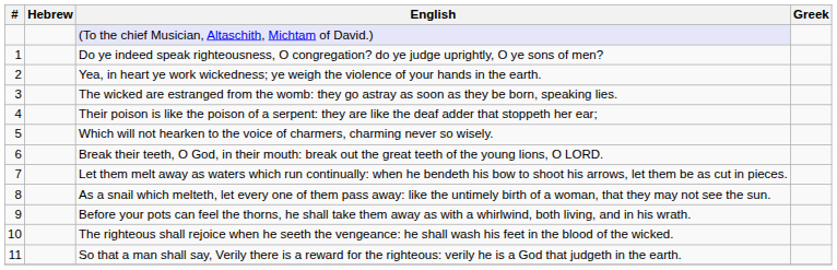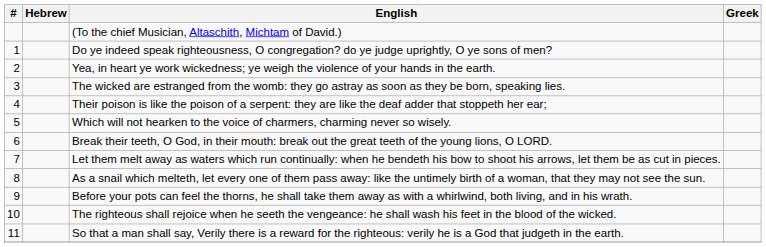 <table class=wikitable>
 <tr>
 <th>#</th>
 <th>Hebrew</th>
 <th>English</th>
 <th>Greek</th>
 </tr>
 <tr>
 <td style="text-align:right"></td>
 <td style="text-align:right"></td>
-<td style="background: lavender;">(To the chief Musician, <a href='#'>Altaschith</a>, <a href='#'>Michtam</a> of David.)</td>
+<td>(To the chief Musician, <a href='#'>Altaschith</a>, <a href='#'>Michtam</a> of David.)</td>
 <td></td>
 </tr>
 <tr>
 <td style="text-align:right">1</td>
 <td style="text-align:right"></td>
 <td>Do ye indeed speak righteousness, O congregation? do ye judge uprightly, O ye sons of men?</td>
 <td></td>
 </tr>
 <tr>
 <td style="text-align:right">2</td>
 <td style="text-align:right"></td>
 <td>Yea, in heart ye work wickedness; ye weigh the violence of your hands in the earth.</td>
 <td></td>
 </tr>
 <tr>
 <td style="text-align:right">3</td>
 <td style="text-align:right"></td>
 <td>The wicked are estranged from the womb: they go astray as soon as they be born, speaking lies.</td>
 <td></td>
 </tr>
 <tr>
 <td style="text-align:right">4</td>
 <td style="text-align:right"></td>
 <td>Their poison is like the poison of a serpent: they are like the deaf adder that stoppeth her ear;</td>
 <td></td>
 </tr>
 <tr>
 <td style="text-align:right">5</td>
 <td style="text-align:right"></td>
 <td>Which will not hearken to the voice of charmers, charming never so wisely.</td>
 <td></td>
 </tr>
 <tr>
 <td style="text-align:right">6</td>
 <td style="text-align:right"></td>
 <td>Break their teeth, O God, in their mouth: break out the great teeth of the young lions, O LORD.</td>
 <td></td>
 </tr>
 <tr>
 <td style="text-align:right">7</td>
 <td style="text-align:right"></td>
 <td>Let them melt away as waters which run continually: when he bendeth his bow to shoot his arrows, let them be as cut in pieces.</td>
 <td></td>
 </tr>
 <tr>
 <td style="text-align:right">8</td>
 <td style="text-align:right"></td>
 <td>As a snail which melteth, let every one of them pass away: like the untimely birth of a woman, that they may not see the sun.</td>
 <td></td>
 </tr>
 <tr>
 <td style="text-align:right">9</td>
 <td style="text-align:right"></td>
 <td>Before your pots can feel the thorns, he shall take them away as with a whirlwind, both living, and in his wrath.</td>
 <td></td>
 </tr>
 <tr>
 <td style="text-align:right">10</td>
 <td style="text-align:right"></td>
 <td>The righteous shall rejoice when he seeth the vengeance: he shall wash his feet in the blood of the wicked.</td>
 <td></td>
 </tr>
 <tr>
 <td style="text-align:right">11</td>
 <td style="text-align:right"></td>
 <td>So that a man shall say, Verily there is a reward for the righteous: verily he is a God that judgeth in the earth.</td>
 <td></td>
 </tr>
 <tr>
 </tr>
 </table>
